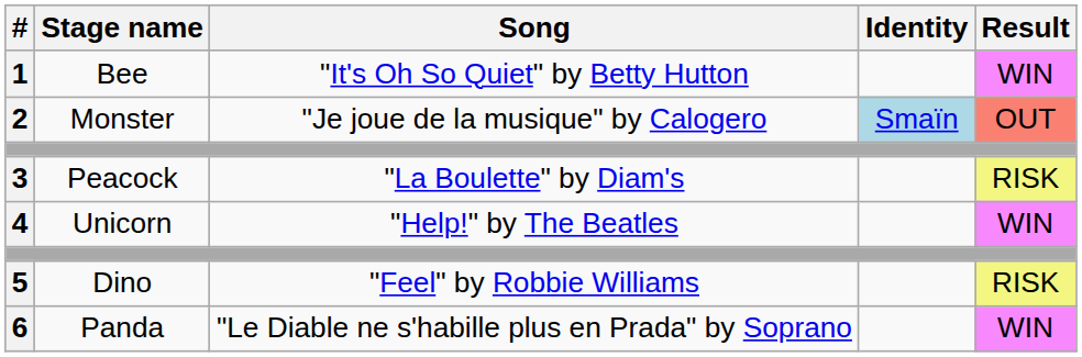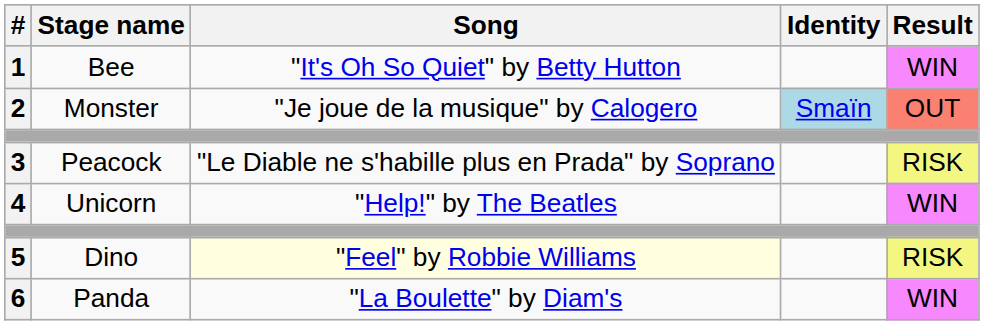 <table class="wikitable plainrowheaders" style="text-align: center;">
 <tr>
 <th>#</th>
 <th>Stage name</th>
 <th>Song</th>
 <th>Identity</th>
 <th>Result</th>
 </tr>
 <tr>
 <th>1</th>
 <td>Bee</td>
 <td>"<a href='#'>It's Oh So Quiet</a>" by <a href='#'>Betty Hutton</a></td>
 <td></td>
 <td bgcolor=#F888FD>WIN</td>
 </tr>
 <tr>
 <th>2</th>
 <td>Monster</td>
 <td>"Je joue de la musique" by <a href='#'>Calogero</a></td>
 <td style="background: lightblue;"><a href='#'>Smaïn</a></td>
 <td bgcolor="salmon">OUT</td>
 </tr>
 <tr>
 <td colspan="5" style="background:darkgray"></td>
 </tr>
 <tr>
 <th>3</th>
 <td>Peacock</td>
-<td>"<a href='#'>La Boulette</a>" by <a href='#'>Diam's</a></td>
+<td>"Le Diable ne s'habille plus en Prada" by <a href='#'>Soprano</a></td>
 <td></td>
 <td bgcolor="#F3F781">RISK</td>
 </tr>
 <tr>
 <th>4</th>
 <td>Unicorn</td>
 <td>"<a href='#'>Help!</a>" by <a href='#'>The Beatles</a></td>
 <td></td>
 <td bgcolor=#F888FD>WIN</td>
 </tr>
 <tr>
 <td colspan="5" style="background:darkgray"></td>
 </tr>
 <tr>
 <th>5</th>
 <td>Dino</td>
-<td>"<a href='#'>Feel</a>" by <a href='#'>Robbie Williams</a></td>
+<td style="background: lightyellow;">"<a href='#'>Feel</a>" by <a href='#'>Robbie Williams</a></td>
 <td></td>
 <td bgcolor="#F3F781">RISK</td>
 </tr>
 <tr>
 <th>6</th>
 <td>Panda</td>
-<td>"Le Diable ne s'habille plus en Prada" by <a href='#'>Soprano</a></td>
+<td>"<a href='#'>La Boulette</a>" by <a href='#'>Diam's</a></td>
 <td></td>
 <td bgcolor=#F888FD>WIN</td>
 </tr>
 </table>
